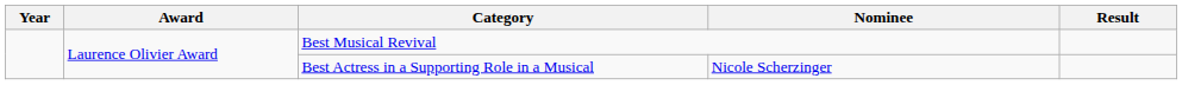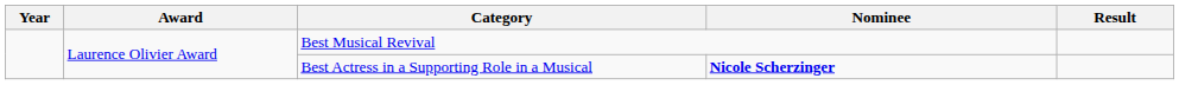 <table class="wikitable" style="width:95%;">
 <tr>
 <th width=5%>Year</th>
 <th style="width:20%;">Award</th>
 <th style="width:35%;">Category</th>
 <th style="width:30%;">Nominee</th>
 <th style="width:10%;">Result</th>
 </tr>
 <tr>
 <td rowspan="2"></td>
 <td rowspan="2"><a href='#'>Laurence Olivier Award</a></td>
 <td colspan="2"><a href='#'>Best Musical Revival</a></td>
 <td></td>
 </tr>
 <tr>
 <td><a href='#'>Best Actress in a Supporting Role in a Musical</a></td>
-<td><a href='#'>Nicole Scherzinger</a></td>
+<td><strong><a href='#'>Nicole Scherzinger</a></strong></td>
 <td></td>
 </tr>
 </table>
